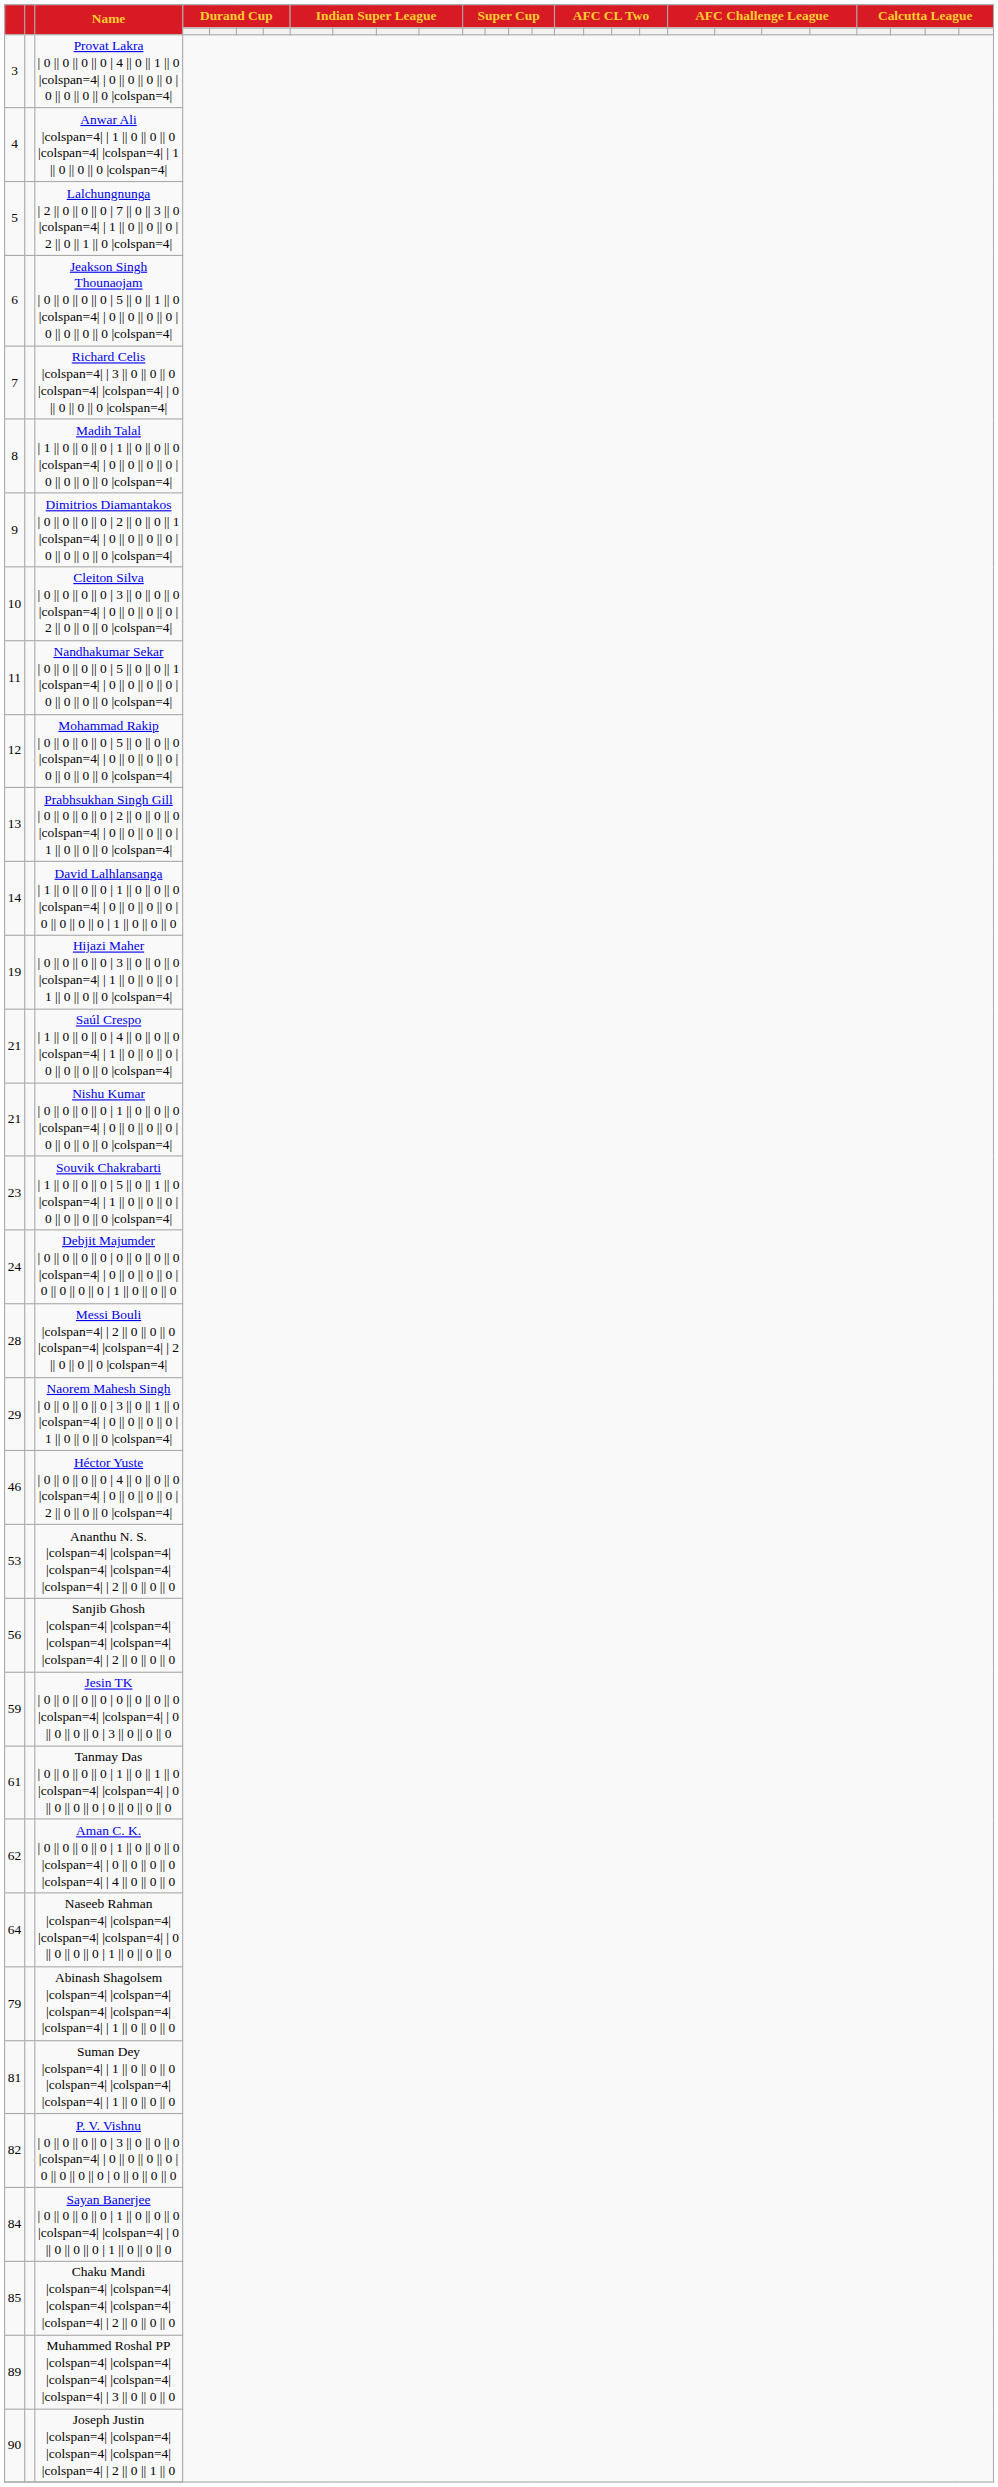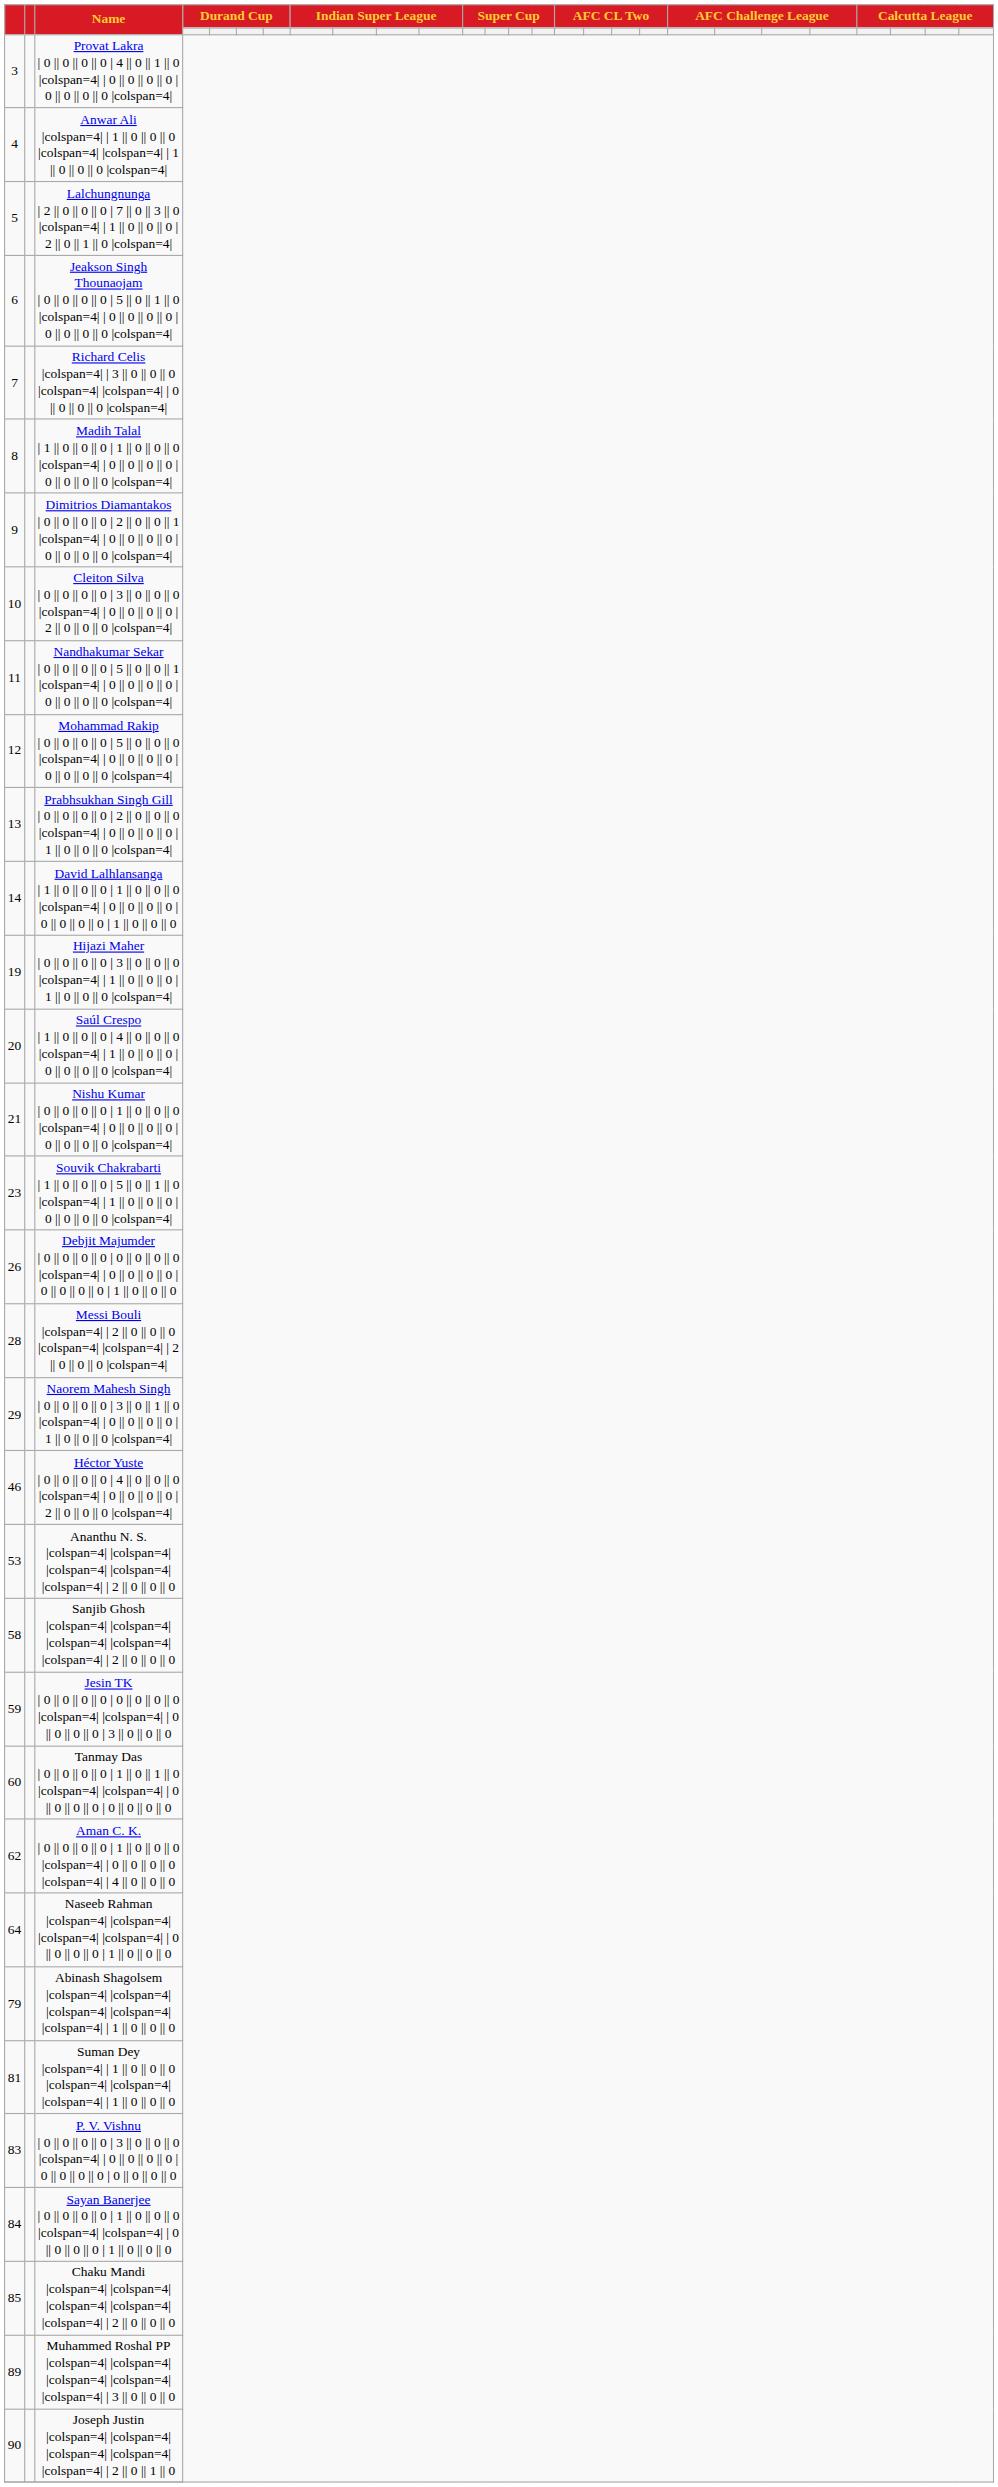 <table class="wikitable sortable" style="text-align:center; font-size:75%; width:100%;">
 <tr>
 <th style="background:#d71a23; color:#ffcd31; text-align:center; width:1%;" rowspan="2"></th>
 <th style="background:#d71a23; color:#ffcd31; text-align:center; width:1%;" rowspan="2"></th>
 <th style="background:#d71a23; color:#ffcd31; text-align:center; width:15%;" rowspan="2">Name</th>
 <th colspan="4" style="background:#d71a23; color:#ffcd31; text-align:center;">Durand Cup</th>
 <th colspan="4" style="background:#d71a23; color:#ffcd31; text-align:center;">Indian Super League</th>
 <th colspan="4" style="background:#d71a23; color:#ffcd31; text-align:center;">Super Cup</th>
 <th colspan="4" style="background:#d71a23; color:#ffcd31; text-align:center;">AFC CL Two</th>
 <th colspan="4" style="background:#d71a23; color:#ffcd31; text-align:center;">AFC Challenge League</th>
 <th colspan="4" style="background:#d71a23; color:#ffcd31; text-align:center;">Calcutta League</th>
 </tr>
 <tr>
 <th></th>
 <th></th>
 <th></th>
 <th></th>
 <th></th>
 <th></th>
 <th></th>
 <th></th>
 <th></th>
 <th></th>
 <th></th>
 <th></th>
 <th></th>
 <th></th>
 <th></th>
 <th></th>
 <th></th>
 <th></th>
 <th></th>
 <th></th>
 <th></th>
 <th></th>
 <th></th>
 <th></th>
 </tr>
 <tr>
 <td>3</td>
 <td></td>
 <td><a href='#'>Provat Lakra</a><br>| 0 || 0 || 0 || 0 | 4 || 0 || 1 || 0 |colspan=4|  | 0 || 0 || 0 || 0 | 0 || 0 || 0 || 0 |colspan=4| </td>
 </tr>
 <tr>
 <td>4</td>
 <td></td>
 <td><a href='#'>Anwar Ali</a><br>|colspan=4|  | 1 || 0 || 0 || 0 |colspan=4|  |colspan=4|  | 1 || 0 || 0 || 0 |colspan=4| </td>
 </tr>
 <tr>
 <td>5</td>
 <td></td>
 <td><a href='#'>Lalchungnunga</a><br>| 2 || 0 || 0 || 0 | 7 || 0 || 3 || 0 |colspan=4|  | 1 || 0 || 0 || 0 | 2 || 0 || 1 || 0 |colspan=4| </td>
 </tr>
 <tr>
 <td>6</td>
 <td></td>
 <td><a href='#'>Jeakson Singh Thounaojam</a><br>| 0 || 0 || 0 || 0 | 5 || 0 || 1 || 0 |colspan=4|  | 0 || 0 || 0 || 0 | 0 || 0 || 0 || 0 |colspan=4| </td>
 </tr>
 <tr>
 <td>7</td>
 <td></td>
 <td><a href='#'>Richard Celis</a><br>|colspan=4|  | 3 || 0 || 0 || 0 |colspan=4|  |colspan=4|  | 0 || 0 || 0 || 0 |colspan=4| </td>
 </tr>
 <tr>
 <td>8</td>
 <td></td>
 <td><a href='#'>Madih Talal</a><br>| 1 || 0 || 0 || 0 | 1 || 0 || 0 || 0 |colspan=4|  | 0 || 0 || 0 || 0 | 0 || 0 || 0 || 0 |colspan=4| </td>
 </tr>
 <tr>
 <td>9</td>
 <td></td>
 <td><a href='#'>Dimitrios Diamantakos</a><br>| 0 || 0 || 0 || 0 | 2 || 0 || 0 || 1 |colspan=4|  | 0 || 0 || 0 || 0 | 0 || 0 || 0 || 0 |colspan=4| </td>
 </tr>
 <tr>
 <td>10</td>
 <td></td>
 <td><a href='#'>Cleiton Silva</a><br>| 0 || 0 || 0 || 0 | 3 || 0 || 0 || 0 |colspan=4|  | 0 || 0 || 0 || 0 | 2 || 0 || 0 || 0 |colspan=4| </td>
 </tr>
 <tr>
 <td>11</td>
 <td></td>
 <td><a href='#'>Nandhakumar Sekar</a><br>| 0 || 0 || 0 || 0 | 5 || 0 || 0 || 1 |colspan=4|  | 0 || 0 || 0 || 0 | 0 || 0 || 0 || 0 |colspan=4| </td>
 </tr>
 <tr>
 <td>12</td>
 <td></td>
 <td><a href='#'>Mohammad Rakip</a><br>| 0 || 0 || 0 || 0 | 5 || 0 || 0 || 0 |colspan=4|  | 0 || 0 || 0 || 0 | 0 || 0 || 0 || 0 |colspan=4| </td>
 </tr>
 <tr>
 <td>13</td>
 <td></td>
 <td><a href='#'>Prabhsukhan Singh Gill</a><br>| 0 || 0 || 0 || 0 | 2 || 0 || 0 || 0 |colspan=4|  | 0 || 0 || 0 || 0 | 1 || 0 || 0 || 0 |colspan=4| </td>
 </tr>
 <tr>
 <td>14</td>
 <td></td>
 <td><a href='#'>David Lalhlansanga</a><br>| 1 || 0 || 0 || 0 | 1 || 0 || 0 || 0 |colspan=4|  | 0 || 0 || 0 || 0 | 0 || 0 || 0 || 0 | 1 || 0 || 0 || 0</td>
 </tr>
 <tr>
 <td>19</td>
 <td></td>
 <td><a href='#'>Hijazi Maher</a><br>| 0 || 0 || 0 || 0 | 3 || 0 || 0 || 0 |colspan=4|  | 1 || 0 || 0 || 0 | 1 || 0 || 0 || 0 |colspan=4| </td>
 </tr>
 <tr>
-<td>21</td>
+<td>20</td>
 <td></td>
 <td><a href='#'>Saúl Crespo</a><br>| 1 || 0 || 0 || 0 | 4 || 0 || 0 || 0 |colspan=4|  | 1 || 0 || 0 || 0 | 0 || 0 || 0 || 0 |colspan=4| </td>
 </tr>
 <tr>
 <td>21</td>
 <td></td>
 <td><a href='#'>Nishu Kumar</a><br>| 0 || 0 || 0 || 0 | 1 || 0 || 0 || 0 |colspan=4|  | 0 || 0 || 0 || 0 | 0 || 0 || 0 || 0 |colspan=4| </td>
 </tr>
 <tr>
 <td>23</td>
 <td></td>
 <td><a href='#'>Souvik Chakrabarti</a><br>| 1 || 0 || 0 || 0 | 5 || 0 || 1 || 0 |colspan=4|  | 1 || 0 || 0 || 0 | 0 || 0 || 0 || 0 |colspan=4| </td>
 </tr>
 <tr>
-<td>24</td>
+<td>26</td>
 <td></td>
 <td><a href='#'>Debjit Majumder</a><br>| 0 || 0 || 0 || 0 | 0 || 0 || 0 || 0 |colspan=4|  | 0 || 0 || 0 || 0 | 0 || 0 || 0 || 0 | 1 || 0 || 0 || 0</td>
 </tr>
 <tr>
 <td>28</td>
 <td></td>
 <td><a href='#'>Messi Bouli</a><br>|colspan=4|  | 2 || 0 || 0 || 0 |colspan=4|  |colspan=4|  | 2 || 0 || 0 || 0 |colspan=4| </td>
 </tr>
 <tr>
 <td>29</td>
 <td></td>
 <td><a href='#'>Naorem Mahesh Singh</a><br>| 0 || 0 || 0 || 0 | 3 || 0 || 1 || 0 |colspan=4|  | 0 || 0 || 0 || 0 | 1 || 0 || 0 || 0 |colspan=4| </td>
 </tr>
 <tr>
 <td>46</td>
 <td></td>
 <td><a href='#'>Héctor Yuste</a><br>| 0 || 0 || 0 || 0 | 4 || 0 || 0 || 0 |colspan=4|  | 0 || 0 || 0 || 0 | 2 || 0 || 0 || 0 |colspan=4| </td>
 </tr>
 <tr>
 <td>53</td>
 <td></td>
 <td>Ananthu N. S.<br>|colspan=4|  |colspan=4|  |colspan=4|  |colspan=4|  |colspan=4|  | 2 || 0 || 0 || 0</td>
 </tr>
 <tr>
-<td>56</td>
+<td>58</td>
 <td></td>
 <td>Sanjib Ghosh<br>|colspan=4|  |colspan=4|  |colspan=4|  |colspan=4|  |colspan=4|  | 2 || 0 || 0 || 0</td>
 </tr>
 <tr>
 <td>59</td>
 <td></td>
 <td><a href='#'>Jesin TK</a><br>| 0 || 0 || 0 || 0 | 0 || 0 || 0 || 0 |colspan=4|  |colspan=4|  | 0 || 0 || 0 || 0 | 3 || 0 || 0 || 0</td>
 </tr>
 <tr>
-<td>61</td>
+<td>60</td>
 <td></td>
 <td>Tanmay Das<br>| 0 || 0 || 0 || 0 | 1 || 0 || 1 || 0 |colspan=4|  |colspan=4|  | 0 || 0 || 0 || 0 | 0 || 0 || 0 || 0</td>
 </tr>
 <tr>
 <td>62</td>
 <td></td>
 <td><a href='#'>Aman C. K.</a><br>| 0 || 0 || 0 || 0 | 1 || 0 || 0 || 0 |colspan=4|  | 0 || 0 || 0 || 0 |colspan=4|  | 4 || 0 || 0 || 0</td>
 </tr>
 <tr>
 <td>64</td>
 <td></td>
 <td>Naseeb Rahman<br>|colspan=4|  |colspan=4|  |colspan=4|  |colspan=4|  | 0 || 0 || 0 || 0 | 1 || 0 || 0 || 0</td>
 </tr>
 <tr>
 <td>79</td>
 <td></td>
 <td>Abinash Shagolsem<br>|colspan=4|  |colspan=4|  |colspan=4|  |colspan=4|  |colspan=4|  | 1 || 0 || 0 || 0</td>
 </tr>
 <tr>
 <td>81</td>
 <td></td>
 <td>Suman Dey<br>|colspan=4|  | 1 || 0 || 0 || 0 |colspan=4|  |colspan=4|  |colspan=4|  | 1 || 0 || 0 || 0</td>
 </tr>
 <tr>
-<td>82</td>
+<td>83</td>
 <td></td>
 <td><a href='#'>P. V. Vishnu</a><br>| 0 || 0 || 0 || 0 | 3 || 0 || 0 || 0 |colspan=4|  | 0 || 0 || 0 || 0 | 0 || 0 || 0 || 0 | 0 || 0 || 0 || 0</td>
 </tr>
 <tr>
 <td>84</td>
 <td></td>
 <td><a href='#'>Sayan Banerjee</a><br>| 0 || 0 || 0 || 0 | 1 || 0 || 0 || 0 |colspan=4|  |colspan=4|  | 0 || 0 || 0 || 0 | 1 || 0 || 0 || 0</td>
 </tr>
 <tr>
 <td>85</td>
 <td></td>
 <td>Chaku Mandi<br>|colspan=4|  |colspan=4|  |colspan=4|  |colspan=4|  |colspan=4|  | 2 || 0 || 0 || 0</td>
 </tr>
 <tr>
 <td>89</td>
 <td></td>
 <td>Muhammed Roshal PP<br>|colspan=4|  |colspan=4|  |colspan=4|  |colspan=4|  |colspan=4|  | 3 || 0 || 0 || 0</td>
 </tr>
 <tr>
 <td>90</td>
 <td></td>
 <td>Joseph Justin<br>|colspan=4|  |colspan=4|  |colspan=4|  |colspan=4|  |colspan=4|  | 2 || 0 || 1 || 0</td>
 </tr>
 <tr>
 </tr>
 </table>
